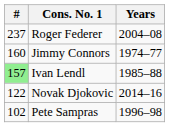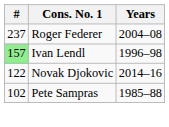 <table class="wikitable" style="display:inline-table;">
 <tr>
 <th>#</th>
 <th>Cons. No. 1</th>
 <th>Years</th>
 </tr>
 <tr>
 <td>237</td>
 <td> Roger Federer</td>
 <td>2004–08</td>
 </tr>
 <tr>
-<td>160</td>
-<td> Jimmy Connors</td>
-<td>1974–77</td>
-</tr>
-<tr>
 <td style="background: lightgreen;">157</td>
 <td> Ivan Lendl</td>
-<td>1985–88</td>
+<td>1996–98</td>
 </tr>
 <tr>
 <td>122</td>
 <td> Novak Djokovic</td>
 <td>2014–16</td>
 </tr>
 <tr>
 <td>102</td>
 <td> Pete Sampras</td>
-<td>1996–98</td>
+<td>1985–88</td>
 </tr>
 </table>
